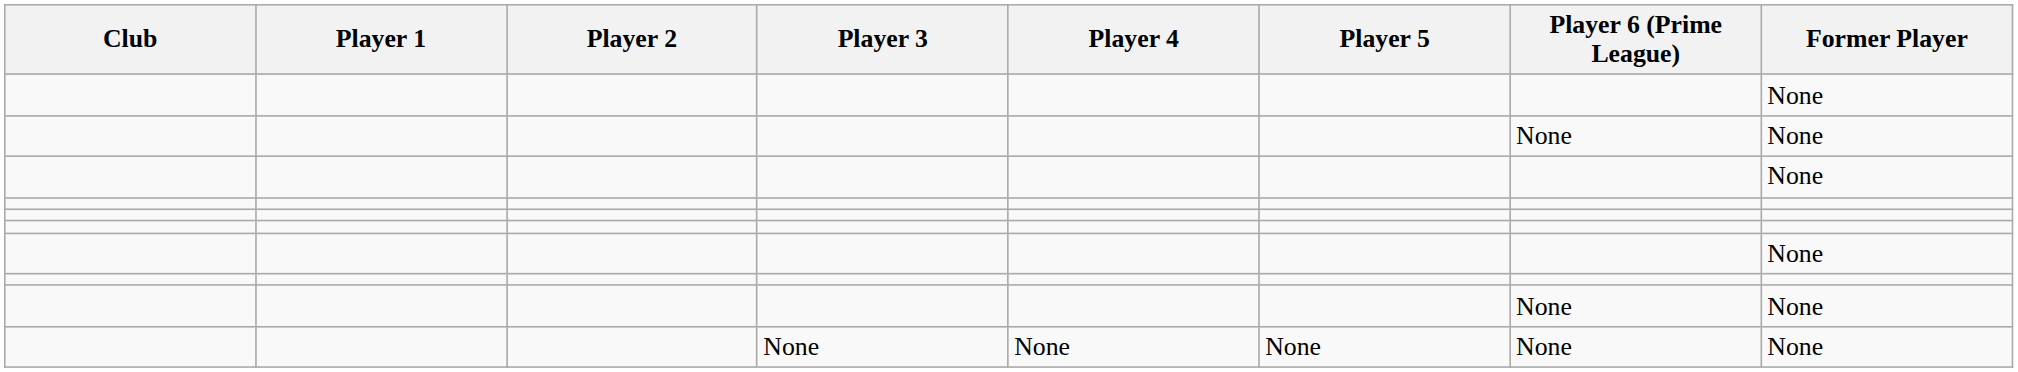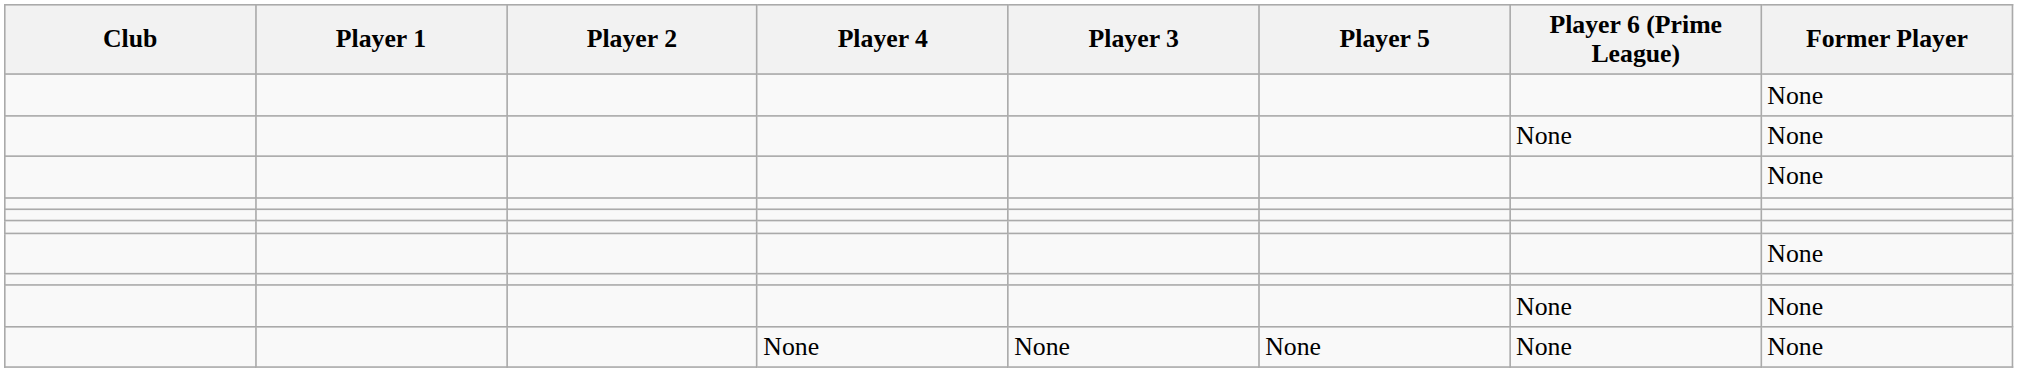 <table class="wikitable ">
 <tr>
 <th style="width:150px;">Club</th>
 <th style="width:150px;">Player 1</th>
 <th style="width:150px;">Player 2</th>
+<th style="width:150px;">Player 4</th>
 <th style="width:150px;">Player 3</th>
-<th style="width:150px;">Player 4</th>
 <th style="width:150px;">Player 5</th>
 <th style="width:150px;">Player 6 (Prime League)</th>
 <th style="width:150px;">Former Player</th>
 </tr>
 <tr>
 <td></td>
 <td></td>
 <td></td>
 <td></td>
 <td></td>
 <td></td>
 <td></td>
 <td>None</td>
 </tr>
 <tr>
 <td></td>
 <td></td>
 <td></td>
 <td></td>
 <td></td>
 <td></td>
 <td>None</td>
 <td>None</td>
 </tr>
 <tr>
 <td></td>
 <td></td>
 <td></td>
 <td></td>
 <td></td>
 <td></td>
 <td></td>
 <td>None</td>
 </tr>
 <tr>
 <td></td>
 <td></td>
 <td></td>
 <td></td>
 <td></td>
 <td></td>
 <td></td>
 <td></td>
 </tr>
 <tr>
 <td></td>
 <td></td>
 <td></td>
 <td></td>
 <td></td>
 <td></td>
 <td></td>
 <td></td>
 </tr>
 <tr>
 <td></td>
 <td></td>
 <td></td>
 <td></td>
 <td></td>
 <td></td>
 <td></td>
 <td></td>
 </tr>
 <tr>
 <td></td>
 <td></td>
 <td></td>
 <td></td>
 <td></td>
 <td></td>
 <td></td>
 <td>None</td>
 </tr>
 <tr>
 <td></td>
 <td></td>
 <td></td>
 <td></td>
 <td></td>
 <td></td>
 <td></td>
 <td></td>
 </tr>
 <tr>
 <td></td>
 <td></td>
 <td></td>
 <td></td>
 <td></td>
 <td></td>
 <td>None</td>
 <td>None</td>
 </tr>
 <tr>
 <td></td>
 <td></td>
 <td></td>
 <td>None</td>
 <td>None</td>
 <td>None</td>
 <td>None</td>
 <td>None</td>
 </tr>
 </table>
